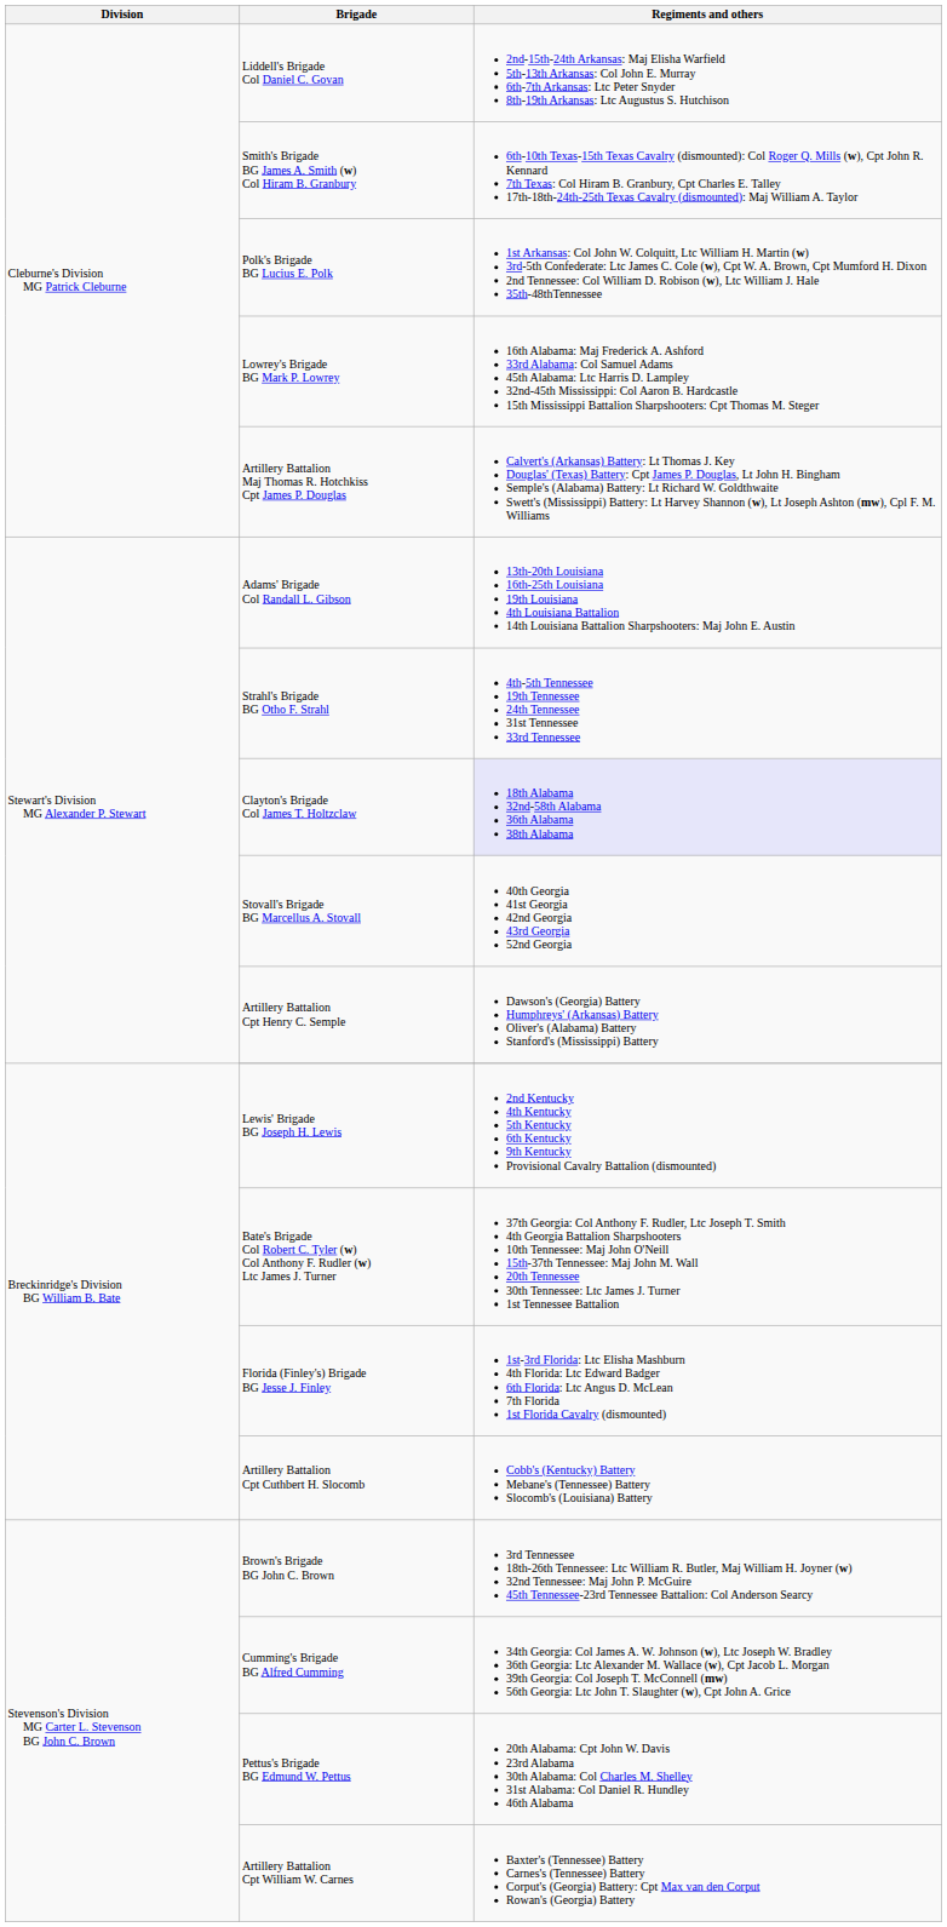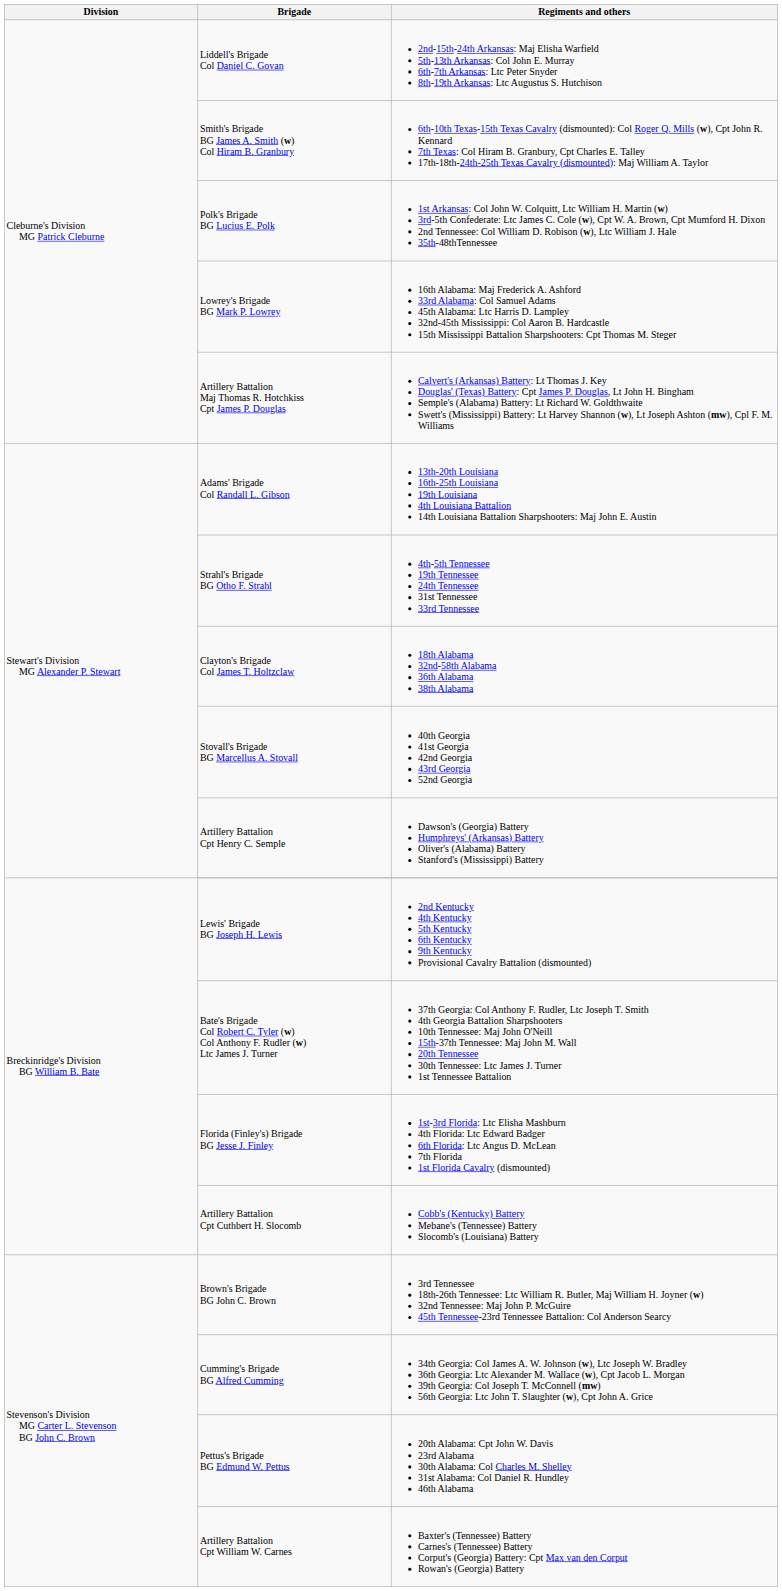 <table class="wikitable">
 <tr>
 <th width=25%>Division</th>
 <th width=25%>Brigade</th>
 <th>Regiments and others</th>
 </tr>
 <tr>
 <td rowspan=5><br>Cleburne's Division <br>     MG <a href='#'>Patrick Cleburne</a> <br>  </td>
 <td>Liddell's Brigade<br>Col <a href='#'>Daniel C. Govan</a></td>
 <td><br><ul><li><a href='#'>2nd</a>-<a href='#'>15th</a>-<a href='#'>24th Arkansas</a>: Maj Elisha Warfield</li><li><a href='#'>5th</a>-<a href='#'>13th Arkansas</a>: Col John E. Murray</li><li><a href='#'>6th</a>-<a href='#'>7th Arkansas</a>: Ltc Peter Snyder</li><li><a href='#'>8th</a>-<a href='#'>19th Arkansas</a>: Ltc Augustus S. Hutchison</li></ul></td>
 </tr>
 <tr>
 <td>Smith's Brigade<br>BG <a href='#'>James A. Smith</a> (<strong>w</strong>) <br> Col <a href='#'>Hiram B. Granbury</a></td>
 <td><br><ul><li><a href='#'>6th</a>-<a href='#'>10th Texas</a>-<a href='#'>15th Texas Cavalry</a> (dismounted): Col <a href='#'>Roger Q. Mills</a> (<strong>w</strong>), Cpt John R. Kennard</li><li><a href='#'>7th Texas</a>: Col Hiram B. Granbury, Cpt Charles E. Talley</li><li>17th-18th-<a href='#'>24th-25th Texas Cavalry (dismounted)</a>: Maj William A. Taylor</li></ul></td>
 </tr>
 <tr>
 <td>Polk's Brigade<br>BG <a href='#'>Lucius E. Polk</a></td>
 <td><br><ul><li><a href='#'>1st Arkansas</a>: Col John W. Colquitt, Ltc William H. Martin (<strong>w</strong>)</li><li><a href='#'>3rd</a>-5th Confederate: Ltc James C. Cole (<strong>w</strong>), Cpt W. A. Brown, Cpt Mumford H. Dixon</li><li>2nd Tennessee: Col William D. Robison (<strong>w</strong>), Ltc William J. Hale</li><li><a href='#'>35th</a>-48thTennessee</li></ul></td>
 </tr>
 <tr>
 <td>Lowrey's Brigade<br>BG <a href='#'>Mark P. Lowrey</a></td>
 <td><br><ul><li>16th Alabama: Maj Frederick A. Ashford</li><li><a href='#'>33rd Alabama</a>: Col Samuel Adams</li><li>45th Alabama: Ltc Harris D. Lampley</li><li>32nd-45th Mississippi: Col Aaron B. Hardcastle</li><li>15th Mississippi Battalion Sharpshooters: Cpt Thomas M. Steger</li></ul></td>
 </tr>
 <tr>
 <td>Artillery Battalion<br>Maj Thomas R. Hotchkiss <br> Cpt <a href='#'>James P. Douglas</a></td>
 <td><br><ul><li><a href='#'>Calvert's (Arkansas) Battery</a>: Lt Thomas J. Key</li><li><a href='#'>Douglas' (Texas) Battery</a>: Cpt <a href='#'>James P. Douglas</a>, Lt John H. Bingham</li><li>Semple's (Alabama) Battery: Lt Richard W. Goldthwaite</li><li>Swett's (Mississippi) Battery: Lt Harvey Shannon (<strong>w</strong>), Lt Joseph Ashton (<strong>mw</strong>), Cpl F. M. Williams</li></ul></td>
 </tr>
 <tr>
 <td rowspan=5><br>Stewart's Division <br>     MG <a href='#'>Alexander P. Stewart</a></td>
 <td>Adams' Brigade<br>Col <a href='#'>Randall L. Gibson</a></td>
 <td><br><ul><li><a href='#'>13th-20th Louisiana</a></li><li><a href='#'>16th-25th Louisiana</a></li><li><a href='#'>19th Louisiana</a></li><li><a href='#'>4th Louisiana Battalion</a></li><li>14th Louisiana Battalion Sharpshooters: Maj John E. Austin</li></ul></td>
 </tr>
 <tr>
 <td>Strahl's Brigade<br>BG <a href='#'>Otho F. Strahl</a></td>
 <td><br><ul><li><a href='#'>4th</a>-<a href='#'>5th Tennessee</a></li><li><a href='#'>19th Tennessee</a></li><li><a href='#'>24th Tennessee</a></li><li>31st Tennessee</li><li><a href='#'>33rd Tennessee</a></li></ul></td>
 </tr>
 <tr>
 <td>Clayton's Brigade<br>Col <a href='#'>James T. Holtzclaw</a></td>
-<td style="background: lavender;"><br><ul><li><a href='#'>18th Alabama</a></li><li><a href='#'>32nd</a>-<a href='#'>58th Alabama</a></li><li><a href='#'>36th Alabama</a></li><li><a href='#'>38th Alabama</a></li></ul></td>
+<td><br><ul><li><a href='#'>18th Alabama</a></li><li><a href='#'>32nd</a>-<a href='#'>58th Alabama</a></li><li><a href='#'>36th Alabama</a></li><li><a href='#'>38th Alabama</a></li></ul></td>
 </tr>
 <tr>
 <td>Stovall's Brigade<br>BG <a href='#'>Marcellus A. Stovall</a></td>
 <td><br><ul><li>40th Georgia</li><li>41st Georgia</li><li>42nd Georgia</li><li><a href='#'>43rd Georgia</a></li><li>52nd Georgia</li></ul></td>
 </tr>
 <tr>
 <td>Artillery Battalion<br>Cpt Henry C. Semple</td>
 <td><br><ul><li>Dawson's (Georgia) Battery</li><li><a href='#'>Humphreys' (Arkansas) Battery</a></li><li>Oliver's (Alabama) Battery</li><li>Stanford's (Mississippi) Battery</li></ul></td>
 </tr>
 <tr>
 <td rowspan=5><br>Breckinridge's Division <br>     BG <a href='#'>William B. Bate</a> <br>  </td>
 </tr>
 <tr>
 <td>Lewis' Brigade<br>BG <a href='#'>Joseph H. Lewis</a></td>
 <td><br><ul><li><a href='#'>2nd Kentucky</a></li><li><a href='#'>4th Kentucky</a></li><li><a href='#'>5th Kentucky</a></li><li><a href='#'>6th Kentucky</a></li><li><a href='#'>9th Kentucky</a></li><li>Provisional Cavalry Battalion (dismounted)</li></ul></td>
 </tr>
 <tr>
 <td>Bate's Brigade<br>Col <a href='#'>Robert C. Tyler</a> (<strong>w</strong>) <br> Col Anthony F. Rudler (<strong>w</strong>) <br> Ltc James J. Turner</td>
 <td><br><ul><li>37th Georgia: Col Anthony F. Rudler, Ltc Joseph T. Smith</li><li>4th Georgia Battalion Sharpshooters</li><li>10th Tennessee: Maj John O'Neill</li><li><a href='#'>15th</a>-37th Tennessee: Maj John M. Wall</li><li><a href='#'>20th Tennessee</a></li><li>30th Tennessee: Ltc James J. Turner</li><li>1st Tennessee Battalion</li></ul></td>
 </tr>
 <tr>
 <td>Florida (Finley's) Brigade<br>BG <a href='#'>Jesse J. Finley</a></td>
 <td><br><ul><li><a href='#'>1st</a>-<a href='#'>3rd Florida</a>: Ltc Elisha Mashburn</li><li>4th Florida: Ltc Edward Badger</li><li><a href='#'>6th Florida</a>: Ltc Angus D. McLean</li><li>7th Florida</li><li><a href='#'>1st Florida Cavalry</a> (dismounted)</li></ul></td>
 </tr>
 <tr>
 <td>Artillery Battalion<br>Cpt Cuthbert H. Slocomb</td>
 <td><br><ul><li><a href='#'>Cobb's (Kentucky) Battery</a></li><li>Mebane's (Tennessee) Battery</li><li>Slocomb's (Louisiana) Battery</li></ul></td>
 </tr>
 <tr>
 <td rowspan=4><br>Stevenson's Division <br>     MG <a href='#'>Carter L. Stevenson</a> <br>     BG <a href='#'>John C. Brown</a></td>
 <td>Brown's Brigade<br>BG John C. Brown</td>
 <td><br><ul><li>3rd Tennessee</li><li>18th-26th Tennessee: Ltc William R. Butler, Maj William H. Joyner (<strong>w</strong>)</li><li>32nd Tennessee: Maj John P. McGuire</li><li><a href='#'>45th Tennessee</a>-23rd Tennessee Battalion: Col Anderson Searcy</li></ul></td>
 </tr>
 <tr>
 <td>Cumming's Brigade<br>BG <a href='#'>Alfred Cumming</a></td>
 <td><br><ul><li>34th Georgia: Col James A. W. Johnson (<strong>w</strong>), Ltc Joseph W. Bradley</li><li>36th Georgia: Ltc Alexander M. Wallace (<strong>w</strong>), Cpt Jacob L. Morgan</li><li>39th Georgia: Col Joseph T. McConnell (<strong>mw</strong>)</li><li>56th Georgia: Ltc John T. Slaughter (<strong>w</strong>), Cpt John A. Grice</li></ul></td>
 </tr>
 <tr>
 <td>Pettus's Brigade<br>BG <a href='#'>Edmund W. Pettus</a></td>
 <td><br><ul><li>20th Alabama: Cpt John W. Davis</li><li>23rd Alabama</li><li>30th Alabama: Col <a href='#'>Charles M. Shelley</a></li><li>31st Alabama: Col Daniel R. Hundley</li><li>46th Alabama</li></ul></td>
 </tr>
 <tr>
 <td>Artillery Battalion<br>Cpt William W. Carnes</td>
 <td><br><ul><li>Baxter's (Tennessee) Battery</li><li>Carnes's (Tennessee) Battery</li><li>Corput's (Georgia) Battery: Cpt <a href='#'>Max van den Corput</a></li><li>Rowan's (Georgia) Battery</li></ul></td>
 </tr>
 </table>
